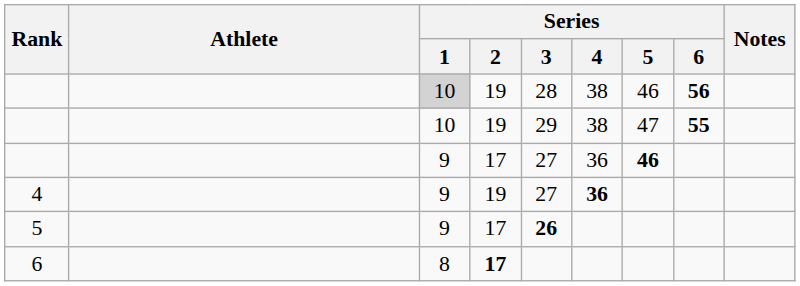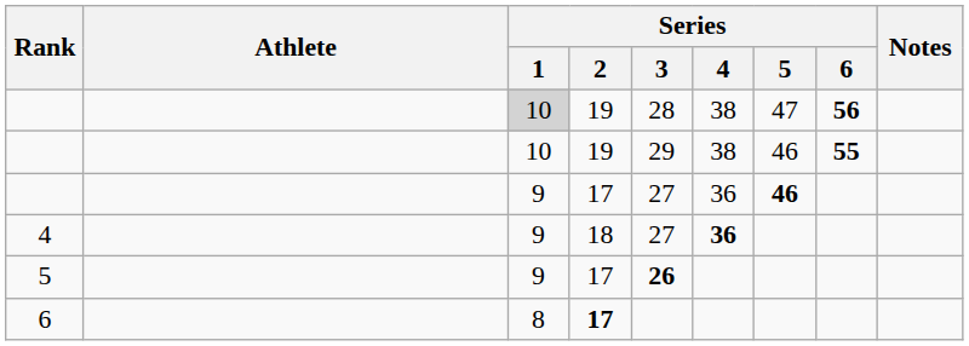 <table class="wikitable" style="text-align:center">
 <tr>
 <th rowspan=2 width=40>Rank</th>
 <th rowspan=2 width=250>Athlete</th>
 <th colspan=6>Series</th>
 <th rowspan=2 width=45>Notes</th>
 </tr>
 <tr>
 <th width=30>1</th>
 <th width=30>2</th>
 <th width=30>3</th>
 <th width=30>4</th>
 <th width=30>5</th>
 <th width=30>6</th>
 </tr>
 <tr>
 <td></td>
 <td align=left></td>
 <td style="background: lightgrey;">10</td>
 <td>19</td>
 <td>28</td>
 <td>38</td>
-<td>46</td>
+<td>47</td>
 <td><strong>56</strong></td>
 <td></td>
 </tr>
 <tr>
 <td></td>
 <td align=left></td>
 <td>10</td>
 <td>19</td>
 <td>29</td>
 <td>38</td>
-<td>47</td>
+<td>46</td>
 <td><strong>55</strong></td>
 <td></td>
 </tr>
 <tr>
 <td></td>
 <td align=left></td>
 <td>9</td>
 <td>17</td>
 <td>27</td>
 <td>36</td>
 <td><strong>46</strong></td>
 <td></td>
 <td></td>
 </tr>
 <tr>
 <td>4</td>
 <td align=left></td>
 <td>9</td>
-<td>19</td>
+<td>18</td>
 <td>27</td>
 <td><strong>36</strong></td>
 <td></td>
 <td></td>
 <td></td>
 </tr>
 <tr>
 <td>5</td>
 <td align=left></td>
 <td>9</td>
 <td>17</td>
 <td><strong>26</strong></td>
 <td></td>
 <td></td>
 <td></td>
 <td></td>
 </tr>
 <tr>
 <td>6</td>
 <td align=left></td>
 <td>8</td>
 <td><strong>17</strong></td>
 <td></td>
 <td></td>
 <td></td>
 <td></td>
 <td></td>
 </tr>
 </table>
